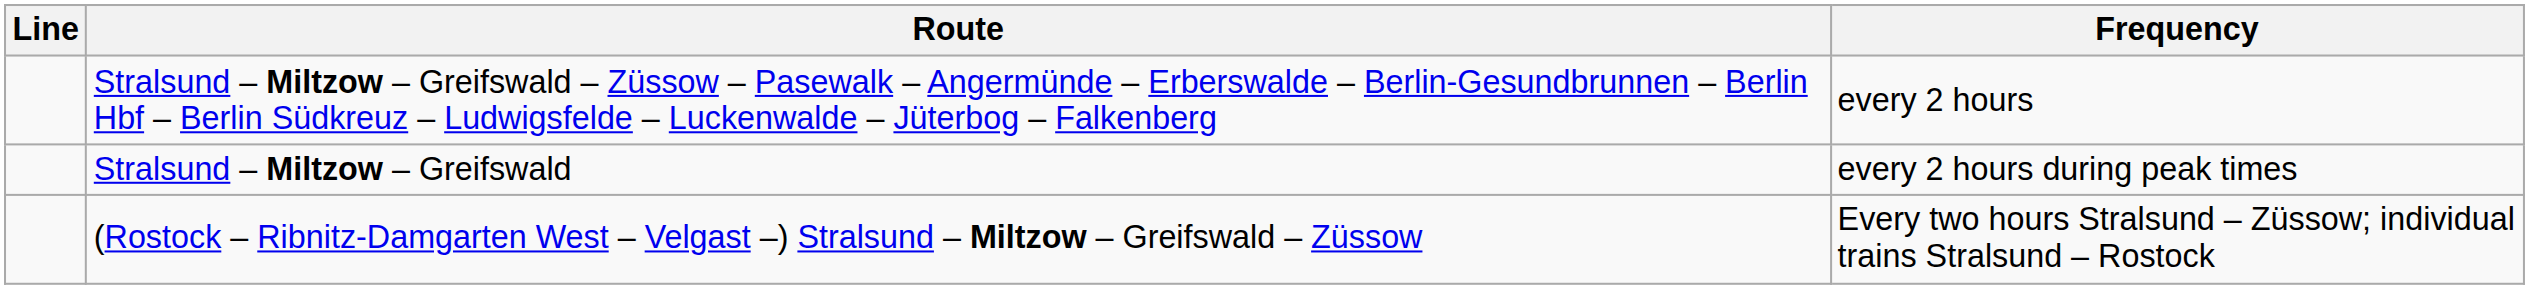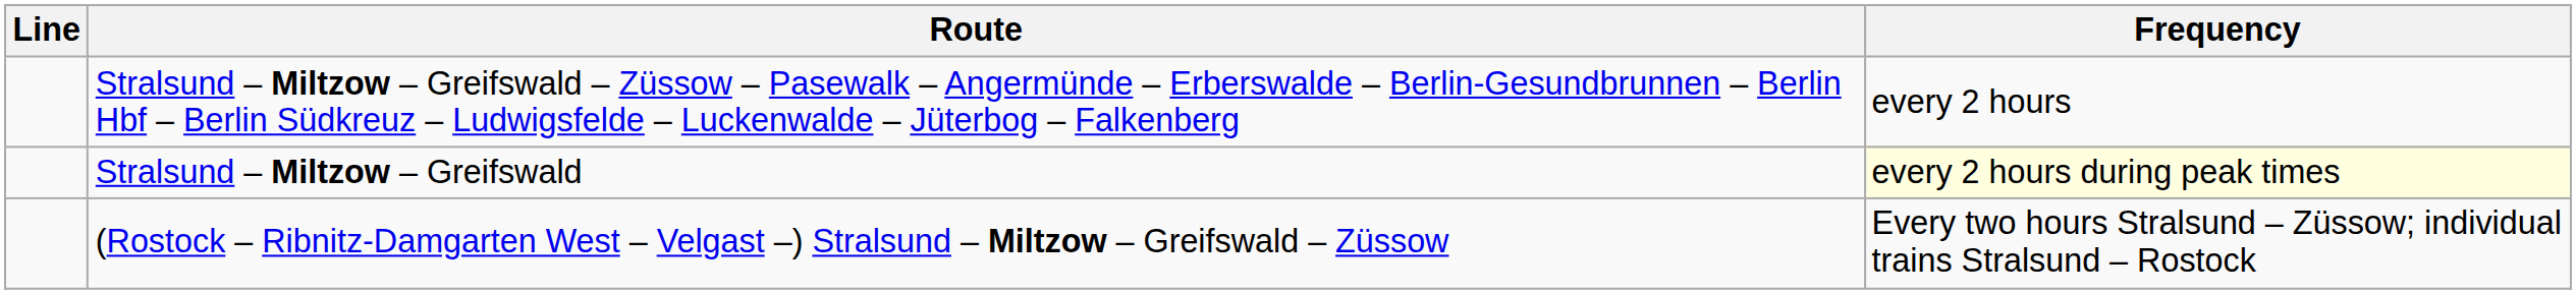 <table class="wikitable">
 <tr>
 <th>Line</th>
 <th colspan="2">Route</th>
 <th>Frequency</th>
 </tr>
 <tr>
 <td></td>
 <td colspan="2"><a href='#'>Stralsund</a> – <strong>Miltzow</strong> – Greifswald – <a href='#'>Züssow</a> – <a href='#'>Pasewalk</a> – <a href='#'>Angermünde</a> – <a href='#'>Erberswalde</a> – <a href='#'>Berlin-Gesundbrunnen</a> – <a href='#'>Berlin Hbf</a> – <a href='#'>Berlin Südkreuz</a> – <a href='#'>Ludwigsfelde</a> – <a href='#'>Luckenwalde</a> – <a href='#'>Jüterbog</a> – <a href='#'>Falkenberg</a></td>
 <td>every 2 hours</td>
 </tr>
 <tr>
 <td></td>
 <td colspan="2"><a href='#'>Stralsund</a> – <strong>Miltzow</strong> – Greifswald</td>
-<td>every 2 hours during peak times</td>
+<td style="background: lightyellow;">every 2 hours during peak times</td>
 </tr>
 <tr>
 <td></td>
 <td colspan="2">(<a href='#'>Rostock</a> – <a href='#'>Ribnitz-Damgarten West</a> – <a href='#'>Velgast</a> –)  <a href='#'>Stralsund</a> – <strong>Miltzow</strong> – Greifswald – <a href='#'>Züssow</a></td>
 <td>Every two hours Stralsund – Züssow; individual trains Stralsund – Rostock</td>
 </tr>
 </table>
